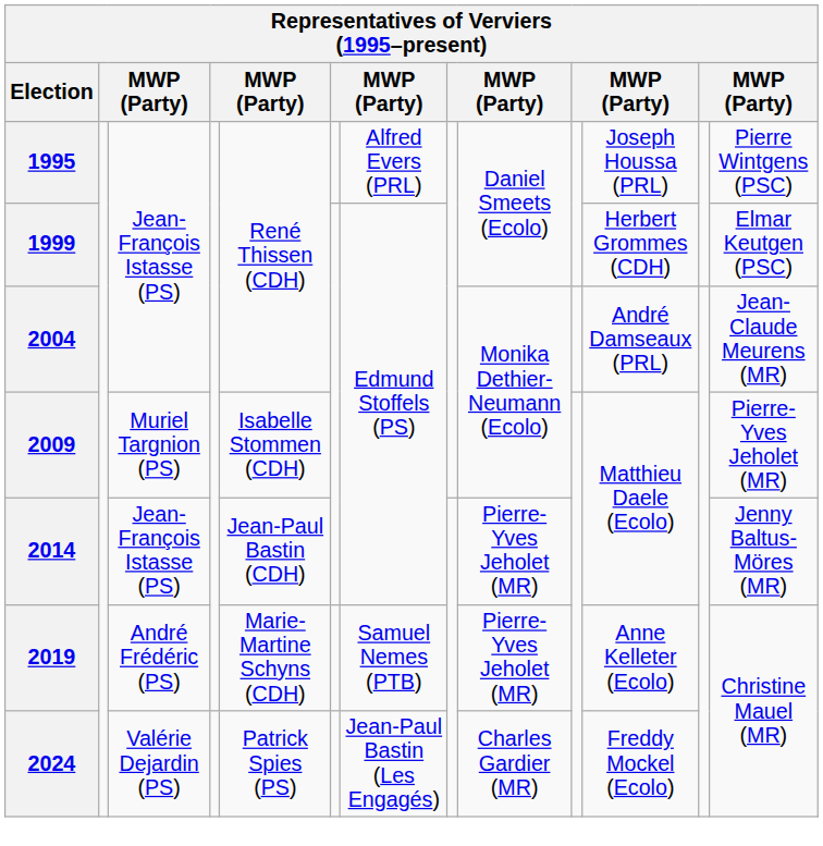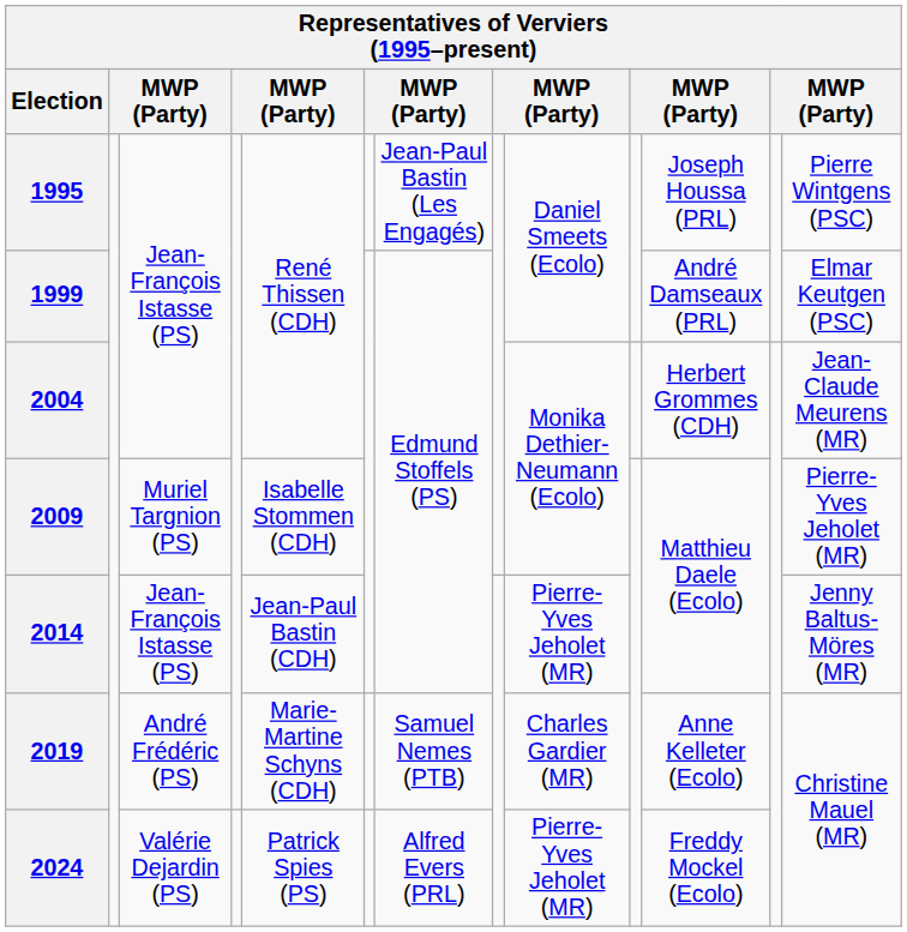 <table class="wikitable" style="text-align:center">
 <tr>
 <th colspan="13">Representatives of Verviers<br>(<a href='#'>1995</a>–present)</th>
 </tr>
 <tr>
 <th>Election</th>
 <th colspan=2>MWP<br>(Party)</th>
 <th colspan=2>MWP<br>(Party)</th>
 <th colspan=2>MWP<br>(Party)</th>
 <th colspan=2>MWP<br>(Party)</th>
 <th colspan=2>MWP<br>(Party)</th>
 <th colspan=2>MWP<br>(Party)</th>
 </tr>
 <tr>
 <th><a href='#'>1995</a></th>
 <td rowspan=7; style="background-color: "></td>
 <td rowspan=3><a href='#'>Jean-François Istasse</a><br>(<a href='#'>PS</a>)</td>
 <td rowspan=6; style="background-color: "></td>
 <td rowspan=3><a href='#'>René Thissen</a><br>(<a href='#'>CDH</a>)</td>
 <td rowspan=1; style="background-color: "></td>
-<td rowspan=1><a href='#'>Alfred Evers</a><br>(<a href='#'>PRL</a>)</td>
+<td rowspan=1><a href='#'>Jean-Paul Bastin</a><br>(<a href='#'>Les Engagés</a>)</td>
 <td rowspan=4; style="background-color: "></td>
 <td rowspan=2><a href='#'>Daniel Smeets</a><br>(<a href='#'>Ecolo</a>)</td>
 <td rowspan=2; style="background-color: "></td>
 <td rowspan=1><a href='#'>Joseph Houssa</a><br>(<a href='#'>PRL</a>)</td>
 <td rowspan=2; style="background-color: "></td>
 <td rowspan=1><a href='#'>Pierre Wintgens</a><br>(<a href='#'>PSC</a>)</td>
 </tr>
 <tr>
 <th><a href='#'>1999</a></th>
 <td rowspan=4; style="background-color: "></td>
 <td rowspan=4><a href='#'>Edmund Stoffels</a><br>(<a href='#'>PS</a>)</td>
-<td rowspan=1><a href='#'>Herbert Grommes</a><br>(<a href='#'>CDH</a>)</td>
+<td rowspan=1><a href='#'>André Damseaux</a><br>(<a href='#'>PRL</a>)</td>
 <td rowspan=1><a href='#'>Elmar Keutgen</a><br>(<a href='#'>PSC</a>)</td>
 </tr>
 <tr>
 <th><a href='#'>2004</a></th>
 <td rowspan=2><a href='#'>Monika Dethier-Neumann</a><br>(<a href='#'>Ecolo</a>)</td>
 <td rowspan=1; style="background-color: "></td>
-<td rowspan=1><a href='#'>André Damseaux</a><br>(<a href='#'>PRL</a>)</td>
+<td rowspan=1><a href='#'>Herbert Grommes</a><br>(<a href='#'>CDH</a>)</td>
 <td rowspan=5; style="background-color: "></td>
 <td rowspan=1><a href='#'>Jean-Claude Meurens</a><br>(<a href='#'>MR</a>)</td>
 </tr>
 <tr>
 <th><a href='#'>2009</a></th>
 <td rowspan=1><a href='#'>Muriel Targnion</a><br>(<a href='#'>PS</a>)</td>
 <td rowspan=1><a href='#'>Isabelle Stommen</a><br>(<a href='#'>CDH</a>)</td>
 <td rowspan=4; style="background-color: "></td>
 <td rowspan=2><a href='#'>Matthieu Daele</a><br>(<a href='#'>Ecolo</a>)</td>
 <td rowspan=1><a href='#'>Pierre-Yves Jeholet</a><br>(<a href='#'>MR</a>)</td>
 </tr>
 <tr>
 <th><a href='#'>2014</a></th>
 <td rowspan=1><a href='#'>Jean-François Istasse</a><br>(<a href='#'>PS</a>)</td>
 <td rowspan=1><a href='#'>Jean-Paul Bastin</a><br>(<a href='#'>CDH</a>)</td>
 <td rowspan=3; style="background-color: "></td>
 <td rowspan=1><a href='#'>Pierre-Yves Jeholet</a><br>(<a href='#'>MR</a>)</td>
 <td rowspan=1><a href='#'>Jenny Baltus-Möres</a><br>(<a href='#'>MR</a>)</td>
 </tr>
 <tr>
 <th><a href='#'>2019</a></th>
 <td rowspan=1><a href='#'>André Frédéric</a><br>(<a href='#'>PS</a>)</td>
 <td rowspan=1><a href='#'>Marie-Martine Schyns</a><br>(<a href='#'>CDH</a>)</td>
 <td rowspan=1; style="background-color: "></td>
 <td><a href='#'>Samuel Nemes</a><br>(<a href='#'>PTB</a>)</td>
-<td rowspan=1><a href='#'>Pierre-Yves Jeholet</a><br>(<a href='#'>MR</a>)</td>
+<td rowspan=1><a href='#'>Charles Gardier</a><br>(<a href='#'>MR</a>)</td>
 <td rowspan=1><a href='#'>Anne Kelleter</a><br>(<a href='#'>Ecolo</a>)</td>
 <td rowspan=2><a href='#'>Christine Mauel</a><br>(<a href='#'>MR</a>)</td>
 </tr>
 <tr>
 <th><a href='#'>2024</a></th>
 <td rowspan=1><a href='#'>Valérie Dejardin</a><br>(<a href='#'>PS</a>)</td>
 <td rowspan=1; style="background-color: "></td>
 <td rowspan=1><a href='#'>Patrick Spies</a><br>(<a href='#'>PS</a>)</td>
 <td rowspan=1; style="background-color: "></td>
-<td rowspan=1><a href='#'>Jean-Paul Bastin</a><br>(<a href='#'>Les Engagés</a>)</td>
-<td rowspan=1><a href='#'>Charles Gardier</a><br>(<a href='#'>MR</a>)</td>
+<td rowspan=1><a href='#'>Alfred Evers</a><br>(<a href='#'>PRL</a>)</td>
+<td rowspan=1><a href='#'>Pierre-Yves Jeholet</a><br>(<a href='#'>MR</a>)</td>
 <td rowspan=1><a href='#'>Freddy Mockel</a><br>(<a href='#'>Ecolo</a>)</td>
 </tr>
 </table>
